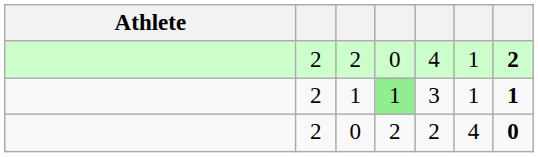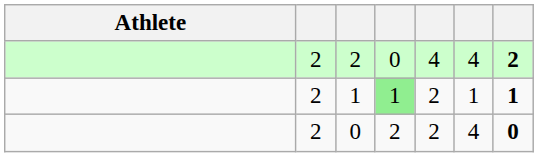 <table class=wikitable style="text-align:center">
 <tr>
 <th width=195>Athlete</th>
 <th width=20></th>
 <th width=20></th>
 <th width=20></th>
 <th width=20></th>
 <th width=20></th>
 <th width=20></th>
 </tr>
 <tr bgcolor=ccffcc>
 <td style="text-align:left"></td>
 <td>2</td>
 <td>2</td>
 <td>0</td>
 <td>4</td>
-<td>1</td>
+<td>4</td>
 <td><strong>2</strong></td>
 </tr>
 <tr>
 <td style="text-align:left"></td>
 <td>2</td>
 <td>1</td>
 <td style="background: lightgreen;">1</td>
-<td>3</td>
+<td>2</td>
 <td>1</td>
 <td><strong>1</strong></td>
 </tr>
 <tr>
 <td style="text-align:left"></td>
 <td>2</td>
 <td>0</td>
 <td>2</td>
 <td>2</td>
 <td>4</td>
 <td><strong>0</strong></td>
 </tr>
 </table>
